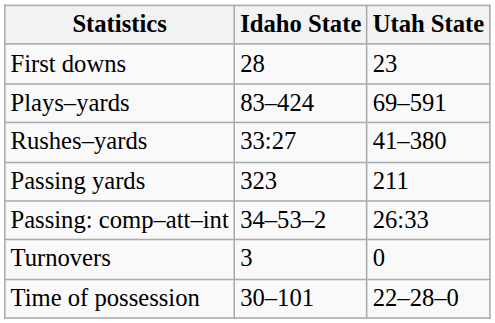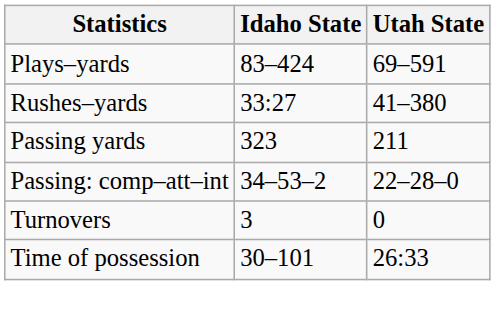 <table class="wikitable" style="float:left">
 <tr>
 <th>Statistics</th>
 <th>Idaho State</th>
 <th>Utah State</th>
-</tr>
-<tr>
-<td>First downs</td>
-<td>28</td>
-<td>23</td>
 </tr>
 <tr>
 <td>Plays–yards</td>
 <td>83–424</td>
 <td>69–591</td>
 </tr>
 <tr>
 <td>Rushes–yards</td>
 <td>33:27</td>
 <td>41–380</td>
 </tr>
 <tr>
 <td>Passing yards</td>
 <td>323</td>
 <td>211</td>
 </tr>
 <tr>
 <td>Passing: comp–att–int</td>
 <td>34–53–2</td>
-<td>26:33</td>
+<td>22–28–0</td>
 </tr>
 <tr>
 <td>Turnovers</td>
 <td>3</td>
 <td>0</td>
 </tr>
 <tr>
 <td>Time of possession</td>
 <td>30–101</td>
-<td>22–28–0</td>
+<td>26:33</td>
 </tr>
 </table>
